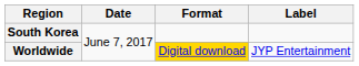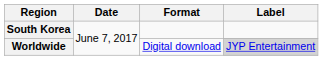 <table class="wikitable plainrowheaders">
 <tr>
 <th>Region</th>
 <th>Date</th>
 <th>Format</th>
 <th>Label</th>
 </tr>
 <tr>
 <th scope="row">South Korea</th>
 <td rowspan="2">June 7, 2017</td>
 <td></td>
 <td></td>
 </tr>
 <tr>
 <th scope="row">Worldwide</th>
-<td style="background: gold;"><a href='#'>Digital download</a></td>
-<td><a href='#'>JYP Entertainment</a></td>
+<td><a href='#'>Digital download</a></td>
+<td style="background: lightgrey;"><a href='#'>JYP Entertainment</a></td>
 </tr>
 </table>
